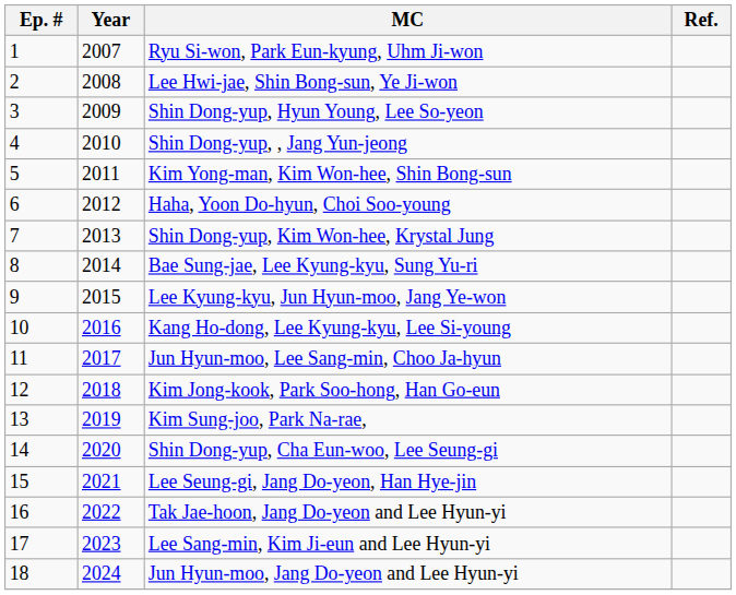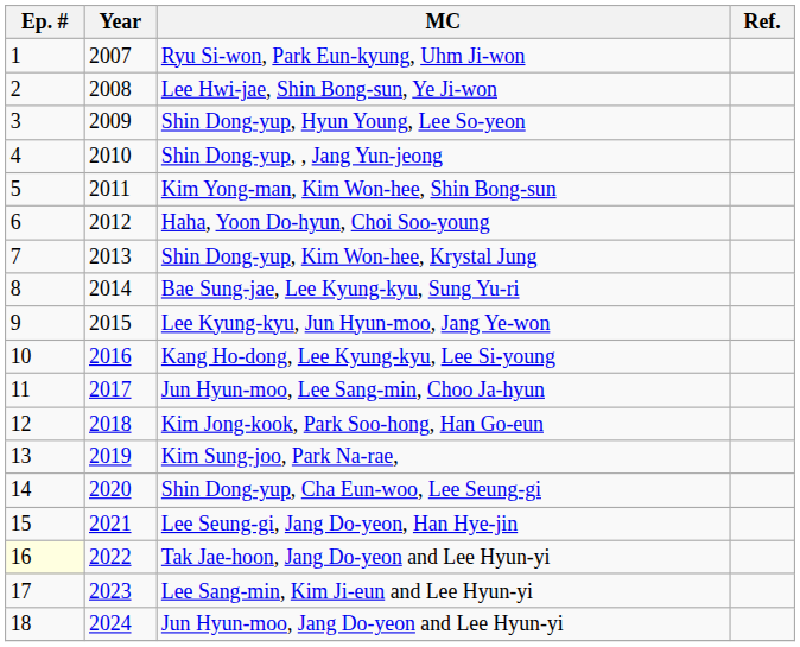 <table class="wikitable" style="width:600px">
 <tr>
 <th>Ep. #</th>
 <th>Year</th>
 <th>MC</th>
 <th>Ref.</th>
 </tr>
 <tr>
 <td>1</td>
 <td>2007</td>
 <td><a href='#'>Ryu Si-won</a>, <a href='#'>Park Eun-kyung</a>, <a href='#'>Uhm Ji-won</a></td>
 <td></td>
 </tr>
 <tr>
 <td>2</td>
 <td>2008</td>
 <td><a href='#'>Lee Hwi-jae</a>, <a href='#'>Shin Bong-sun</a>, <a href='#'>Ye Ji-won</a></td>
 <td></td>
 </tr>
 <tr>
 <td>3</td>
 <td>2009</td>
 <td><a href='#'>Shin Dong-yup</a>, <a href='#'>Hyun Young</a>, <a href='#'>Lee So-yeon</a></td>
 <td></td>
 </tr>
 <tr>
 <td>4</td>
 <td>2010</td>
 <td><a href='#'>Shin Dong-yup</a>, , <a href='#'>Jang Yun-jeong</a></td>
 <td></td>
 </tr>
 <tr>
 <td>5</td>
 <td>2011</td>
 <td><a href='#'>Kim Yong-man</a>, <a href='#'>Kim Won-hee</a>, <a href='#'>Shin Bong-sun</a></td>
 <td></td>
 </tr>
 <tr>
 <td>6</td>
 <td>2012</td>
 <td><a href='#'>Haha</a>, <a href='#'>Yoon Do-hyun</a>, <a href='#'>Choi Soo-young</a></td>
 <td></td>
 </tr>
 <tr>
 <td>7</td>
 <td>2013</td>
 <td><a href='#'>Shin Dong-yup</a>, <a href='#'>Kim Won-hee</a>, <a href='#'>Krystal Jung</a></td>
 <td></td>
 </tr>
 <tr>
 <td>8</td>
 <td>2014</td>
 <td><a href='#'>Bae Sung-jae</a>, <a href='#'>Lee Kyung-kyu</a>, <a href='#'>Sung Yu-ri</a></td>
 <td></td>
 </tr>
 <tr>
 <td>9</td>
 <td>2015</td>
 <td><a href='#'>Lee Kyung-kyu</a>, <a href='#'>Jun Hyun-moo</a>, <a href='#'>Jang Ye-won</a></td>
 <td></td>
 </tr>
 <tr>
 <td>10</td>
 <td><a href='#'>2016</a></td>
 <td><a href='#'>Kang Ho-dong</a>, <a href='#'>Lee Kyung-kyu</a>, <a href='#'>Lee Si-young</a></td>
 <td></td>
 </tr>
 <tr>
 <td>11</td>
 <td><a href='#'>2017</a></td>
 <td><a href='#'>Jun Hyun-moo</a>, <a href='#'>Lee Sang-min</a>, <a href='#'>Choo Ja-hyun</a></td>
 <td></td>
 </tr>
 <tr>
 <td>12</td>
 <td><a href='#'>2018</a></td>
 <td><a href='#'>Kim Jong-kook</a>, <a href='#'>Park Soo-hong</a>, <a href='#'>Han Go-eun</a></td>
 <td></td>
 </tr>
 <tr>
 <td>13</td>
 <td><a href='#'>2019</a></td>
 <td><a href='#'>Kim Sung-joo</a>, <a href='#'>Park Na-rae</a>, </td>
 <td></td>
 </tr>
 <tr>
 <td>14</td>
 <td><a href='#'>2020</a></td>
 <td><a href='#'>Shin Dong-yup</a>, <a href='#'>Cha Eun-woo</a>, <a href='#'>Lee Seung-gi</a></td>
 <td></td>
 </tr>
 <tr>
 <td>15</td>
 <td><a href='#'>2021</a></td>
 <td><a href='#'>Lee Seung-gi</a>, <a href='#'>Jang Do-yeon</a>, <a href='#'>Han Hye-jin</a></td>
 <td></td>
 </tr>
 <tr>
-<td>16</td>
+<td style="background: lightyellow;">16</td>
 <td><a href='#'>2022</a></td>
 <td><a href='#'>Tak Jae-hoon</a>, <a href='#'>Jang Do-yeon</a> and Lee Hyun-yi</td>
 <td></td>
 </tr>
 <tr>
 <td>17</td>
 <td><a href='#'>2023</a></td>
 <td><a href='#'>Lee Sang-min</a>, <a href='#'>Kim Ji-eun</a> and Lee Hyun-yi</td>
 <td></td>
 </tr>
 <tr>
 <td>18</td>
 <td><a href='#'>2024</a></td>
 <td><a href='#'>Jun Hyun-moo</a>, <a href='#'>Jang Do-yeon</a> and Lee Hyun-yi</td>
 <td></td>
 </tr>
 <tr>
 </tr>
 </table>
